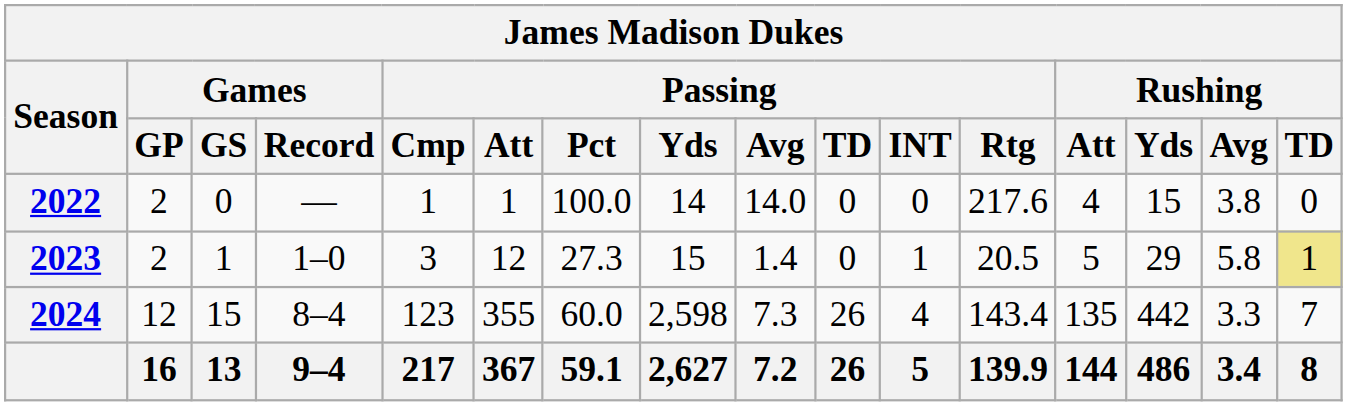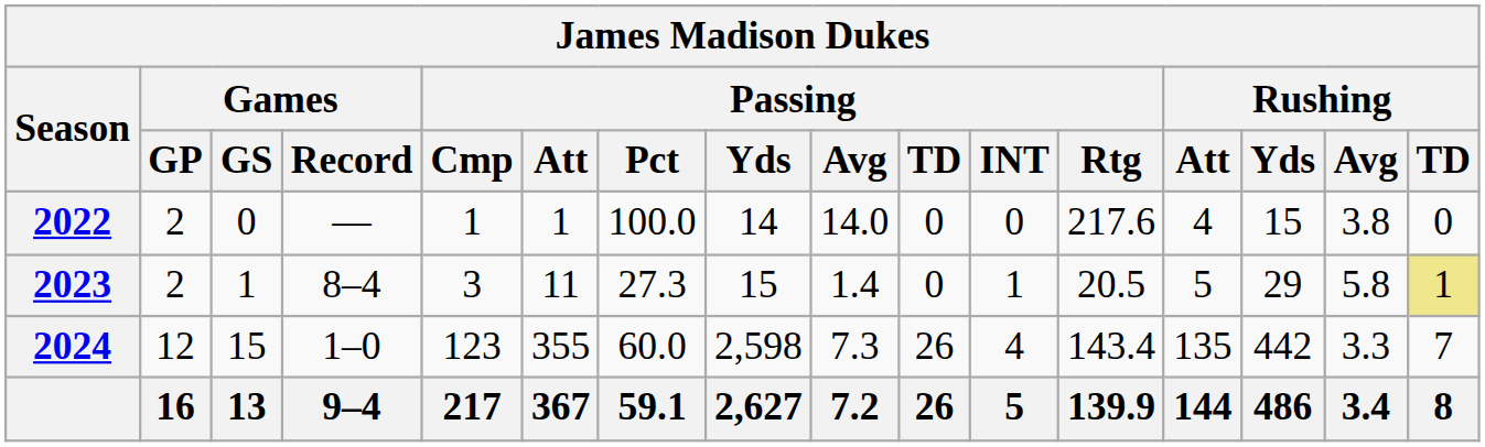 <table class="wikitable" style="text-align:center;">
 <tr>
 <th colspan="16">James Madison Dukes</th>
 </tr>
 <tr>
 <th rowspan="2">Season</th>
 <th colspan="3">Games</th>
 <th colspan="8">Passing</th>
 <th colspan="4">Rushing</th>
 </tr>
 <tr>
 <th>GP</th>
 <th>GS</th>
 <th>Record</th>
 <th>Cmp</th>
 <th>Att</th>
 <th>Pct</th>
 <th>Yds</th>
 <th>Avg</th>
 <th>TD</th>
 <th>INT</th>
 <th>Rtg</th>
 <th>Att</th>
 <th>Yds</th>
 <th>Avg</th>
 <th>TD</th>
 </tr>
 <tr>
 <th><a href='#'>2022</a></th>
 <td>2</td>
 <td>0</td>
 <td>—</td>
 <td>1</td>
 <td>1</td>
 <td>100.0</td>
 <td>14</td>
 <td>14.0</td>
 <td>0</td>
 <td>0</td>
 <td>217.6</td>
 <td>4</td>
 <td>15</td>
 <td>3.8</td>
 <td>0</td>
 </tr>
 <tr>
 <th><a href='#'>2023</a></th>
 <td>2</td>
 <td>1</td>
-<td>1–0</td>
+<td>8–4</td>
 <td>3</td>
-<td>12</td>
+<td>11</td>
 <td>27.3</td>
 <td>15</td>
 <td>1.4</td>
 <td>0</td>
 <td>1</td>
 <td>20.5</td>
 <td>5</td>
 <td>29</td>
 <td>5.8</td>
 <td style="background: khaki;">1</td>
 </tr>
 <tr>
 <th><a href='#'>2024</a></th>
 <td>12</td>
 <td>15</td>
-<td>8–4</td>
+<td>1–0</td>
 <td>123</td>
 <td>355</td>
 <td>60.0</td>
 <td>2,598</td>
 <td>7.3</td>
 <td>26</td>
 <td>4</td>
 <td>143.4</td>
 <td>135</td>
 <td>442</td>
 <td>3.3</td>
 <td>7</td>
 </tr>
 <tr>
 <th></th>
 <th>16</th>
 <th>13</th>
 <th>9–4</th>
 <th>217</th>
 <th>367</th>
 <th>59.1</th>
 <th>2,627</th>
 <th>7.2</th>
 <th>26</th>
 <th>5</th>
 <th>139.9</th>
 <th>144</th>
 <th>486</th>
 <th>3.4</th>
 <th>8</th>
 </tr>
 </table>
